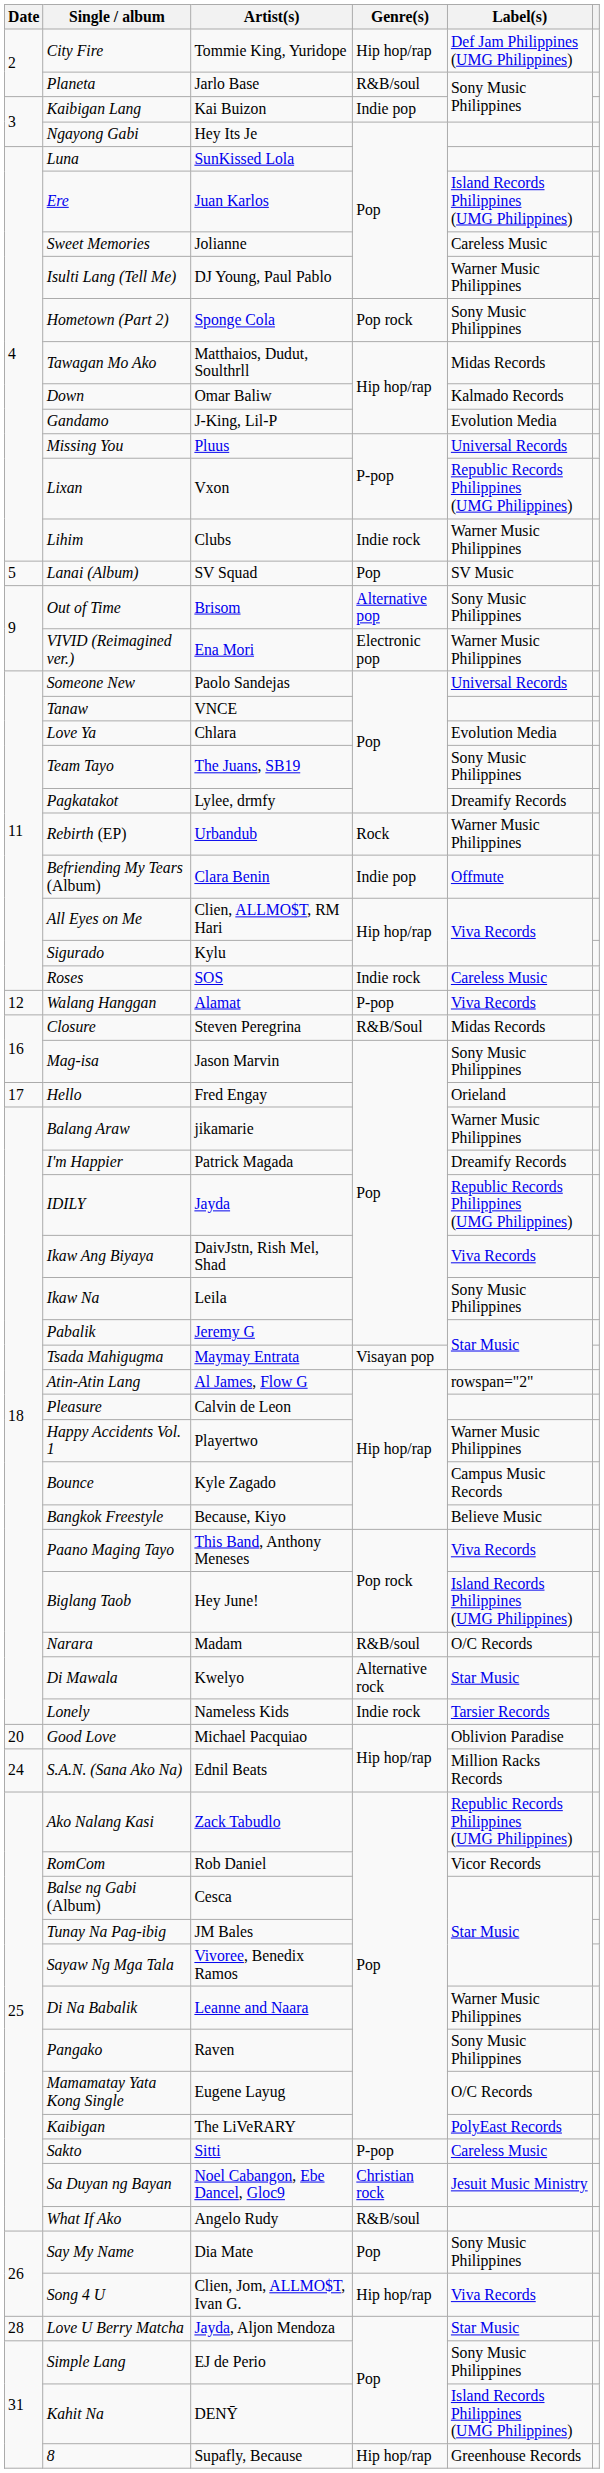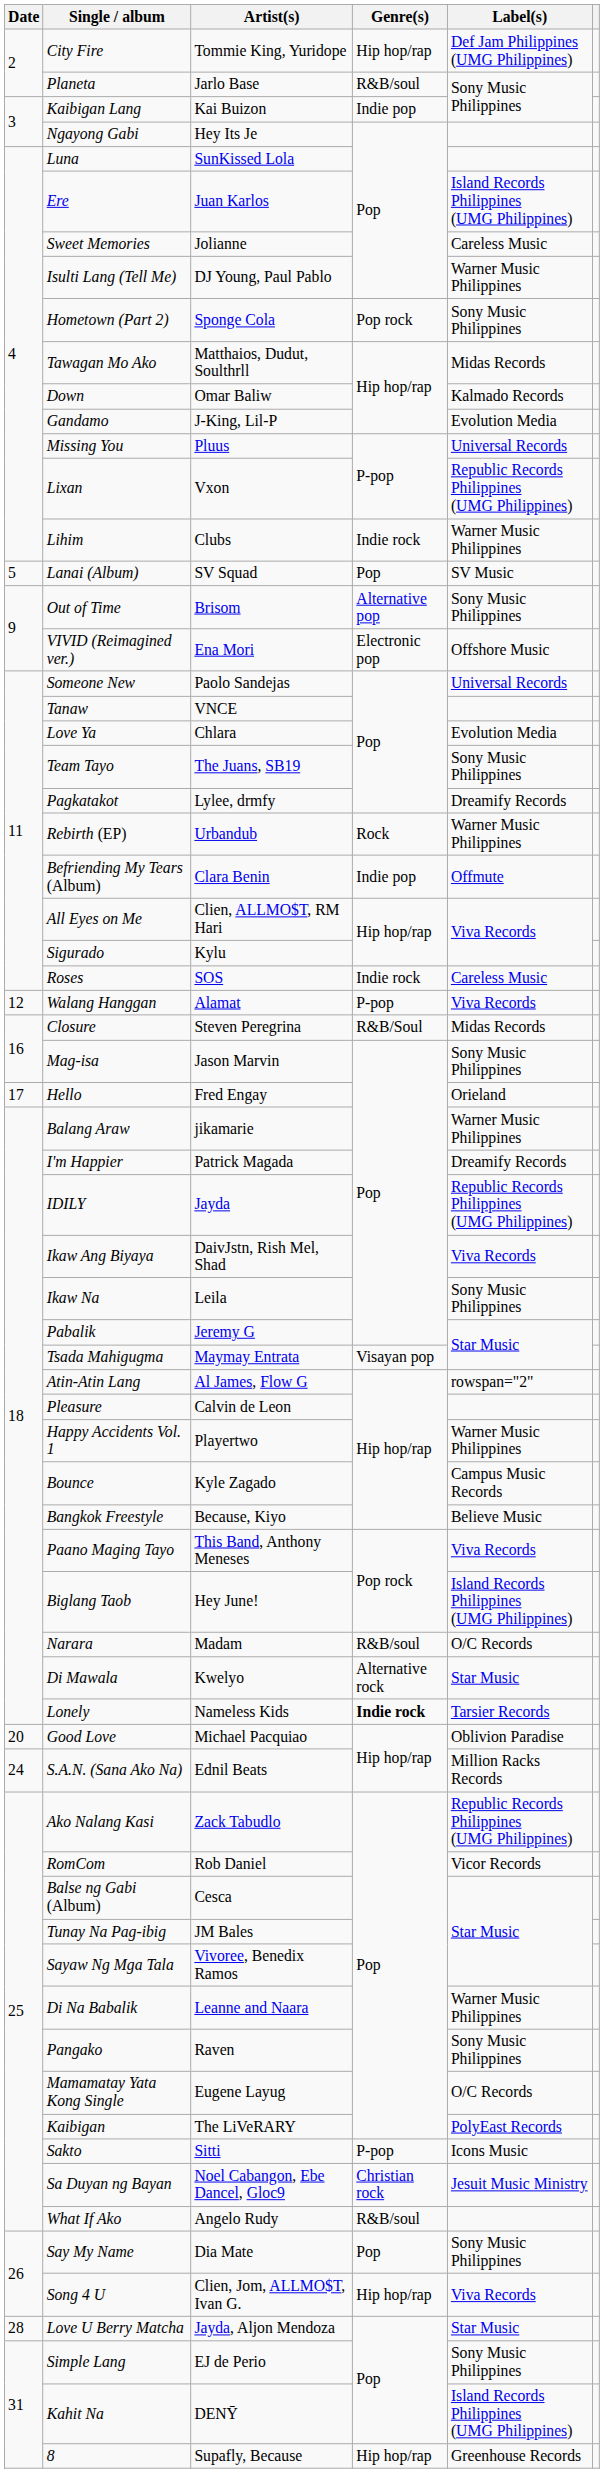 <table class="wikitable">
 <tr>
 <th>Date</th>
 <th>Single / album</th>
 <th>Artist(s)</th>
 <th>Genre(s)</th>
 <th>Label(s)</th>
 <th></th>
 </tr>
 <tr>
 <td rowspan="2">2</td>
 <td><em>City Fire</em></td>
 <td>Tommie King, Yuridope</td>
 <td>Hip hop/rap</td>
 <td><a href='#'>Def Jam Philippines</a><br>(<a href='#'>UMG Philippines</a>)</td>
 <td></td>
 </tr>
 <tr>
 <td><em>Planeta</em></td>
 <td>Jarlo Base</td>
 <td>R&B/soul</td>
 <td rowspan="2">Sony Music Philippines</td>
 <td></td>
 </tr>
 <tr>
 <td rowspan="2">3</td>
 <td><em>Kaibigan Lang</em></td>
 <td>Kai Buizon</td>
 <td>Indie pop</td>
 <td></td>
 </tr>
 <tr>
 <td><em>Ngayong Gabi</em></td>
 <td>Hey Its Je</td>
 <td rowspan="5">Pop</td>
 <td></td>
 <td></td>
 </tr>
 <tr>
 <td rowspan="11">4</td>
 <td><em>Luna</em></td>
 <td><a href='#'>SunKissed Lola</a></td>
 <td></td>
 <td></td>
 </tr>
 <tr>
 <td><em><a href='#'>Ere</a></em></td>
 <td><a href='#'>Juan Karlos</a></td>
 <td><a href='#'>Island Records Philippines</a><br>(<a href='#'>UMG Philippines</a>)</td>
 <td></td>
 </tr>
 <tr>
 <td><em>Sweet Memories</em></td>
 <td>Jolianne</td>
 <td>Careless Music</td>
 <td></td>
 </tr>
 <tr>
 <td><em>Isulti Lang (Tell Me)</em></td>
 <td>DJ Young, Paul Pablo</td>
 <td>Warner Music Philippines</td>
 <td></td>
 </tr>
 <tr>
 <td><em>Hometown (Part 2)</em></td>
 <td><a href='#'>Sponge Cola</a></td>
 <td>Pop rock</td>
 <td>Sony Music Philippines</td>
 <td></td>
 </tr>
 <tr>
 <td><em>Tawagan Mo Ako</em></td>
 <td>Matthaios, Dudut, Soulthrll</td>
 <td rowspan="3">Hip hop/rap</td>
 <td>Midas Records</td>
 <td></td>
 </tr>
 <tr>
 <td><em>Down</em></td>
 <td>Omar Baliw</td>
 <td>Kalmado Records</td>
 <td></td>
 </tr>
 <tr>
 <td><em>Gandamo</em></td>
 <td>J-King, Lil-P</td>
 <td>Evolution Media</td>
 <td></td>
 </tr>
 <tr>
 <td><em>Missing You</em></td>
 <td><a href='#'>Pluus</a></td>
 <td rowspan="2">P-pop</td>
 <td><a href='#'>Universal Records</a></td>
 </tr>
 <tr>
 <td><em>Lixan</em></td>
 <td>Vxon</td>
 <td><a href='#'>Republic Records Philippines</a><br>(<a href='#'>UMG Philippines</a>)</td>
 <td></td>
 </tr>
 <tr>
 <td><em>Lihim</em></td>
 <td>Clubs</td>
 <td>Indie rock</td>
 <td>Warner Music Philippines</td>
 <td></td>
 </tr>
 <tr>
 <td>5</td>
 <td><em>Lanai (Album)</em></td>
 <td>SV Squad</td>
 <td>Pop</td>
 <td>SV Music</td>
 <td></td>
 </tr>
 <tr>
 <td rowspan="2">9</td>
 <td><em>Out of Time</em></td>
 <td><a href='#'>Brisom</a></td>
 <td><a href='#'>Alternative pop</a></td>
 <td>Sony Music Philippines</td>
 <td></td>
 </tr>
 <tr>
 <td><em>VIVID (Reimagined ver.)</em></td>
 <td><a href='#'>Ena Mori</a></td>
 <td>Electronic pop</td>
-<td>Warner Music Philippines</td>
+<td>Offshore Music</td>
 <td></td>
 </tr>
 <tr>
 <td rowspan="10">11</td>
 <td><em>Someone New</em></td>
 <td>Paolo Sandejas</td>
 <td rowspan="5">Pop</td>
 <td><a href='#'>Universal Records</a></td>
 <td></td>
 </tr>
 <tr>
 <td><em>Tanaw</em></td>
 <td>VNCE</td>
 <td></td>
 <td></td>
 </tr>
 <tr>
 <td><em>Love Ya</em></td>
 <td>Chlara</td>
 <td>Evolution Media</td>
 <td></td>
 </tr>
 <tr>
 <td><em>Team Tayo</em></td>
 <td><a href='#'>The Juans</a>, <a href='#'>SB19</a></td>
 <td>Sony Music Philippines</td>
 <td></td>
 </tr>
 <tr>
 <td><em>Pagkatakot</em></td>
 <td>Lylee, drmfy</td>
 <td>Dreamify Records</td>
 <td></td>
 </tr>
 <tr>
 <td><em>Rebirth</em> (EP)</td>
 <td><a href='#'>Urbandub</a></td>
 <td>Rock</td>
 <td>Warner Music Philippines</td>
 </tr>
 <tr>
 <td><em>Befriending My Tears</em> (Album)</td>
 <td><a href='#'>Clara Benin</a></td>
 <td>Indie pop</td>
 <td><a href='#'>Offmute</a></td>
 <td></td>
 </tr>
 <tr>
 <td><em>All Eyes on Me</em></td>
 <td>Clien, <a href='#'>ALLMO$T</a>, RM Hari</td>
 <td rowspan="2">Hip hop/rap</td>
 <td rowspan="2"><a href='#'>Viva Records</a></td>
 <td></td>
 </tr>
 <tr>
 <td><em>Sigurado</em></td>
 <td>Kylu</td>
 <td></td>
 </tr>
 <tr>
 <td><em>Roses</em></td>
 <td><a href='#'>SOS</a></td>
 <td>Indie rock</td>
 <td><a href='#'>Careless Music</a></td>
 <td></td>
 </tr>
 <tr>
 <td>12</td>
 <td><em>Walang Hanggan</em></td>
 <td><a href='#'>Alamat</a></td>
 <td>P-pop</td>
 <td><a href='#'>Viva Records</a></td>
 <td></td>
 </tr>
 <tr>
 <td rowspan="2">16</td>
 <td><em>Closure</em></td>
 <td>Steven Peregrina</td>
 <td>R&B/Soul</td>
 <td>Midas Records</td>
 <td></td>
 </tr>
 <tr>
 <td><em>Mag-isa</em></td>
 <td>Jason Marvin</td>
 <td rowspan="8">Pop</td>
 <td>Sony Music Philippines</td>
 <td></td>
 </tr>
 <tr>
 <td>17</td>
 <td><em>Hello</em></td>
 <td>Fred Engay</td>
 <td>Orieland</td>
 <td></td>
 </tr>
 <tr>
 <td rowspan="17">18</td>
 <td><em>Balang Araw</em></td>
 <td>jikamarie</td>
 <td>Warner Music Philippines</td>
 <td></td>
 </tr>
 <tr>
 <td><em>I'm Happier</em></td>
 <td>Patrick Magada</td>
 <td>Dreamify Records</td>
 </tr>
 <tr>
 <td><em>IDILY</em></td>
 <td><a href='#'>Jayda</a></td>
 <td><a href='#'>Republic Records Philippines</a><br>(<a href='#'>UMG Philippines</a>)</td>
 <td></td>
 </tr>
 <tr>
 <td><em>Ikaw Ang Biyaya</em></td>
 <td>DaivJstn, Rish Mel, Shad</td>
 <td><a href='#'>Viva Records</a></td>
 <td></td>
 </tr>
 <tr>
 <td><em>Ikaw Na</em></td>
 <td>Leila</td>
 <td>Sony Music Philippines</td>
 <td></td>
 </tr>
 <tr>
 <td><em>Pabalik</em></td>
 <td><a href='#'>Jeremy G</a></td>
 <td rowspan="2"><a href='#'>Star Music</a></td>
 <td></td>
 </tr>
 <tr>
 <td><em>Tsada Mahigugma</em></td>
 <td><a href='#'>Maymay Entrata</a></td>
 <td>Visayan pop</td>
 <td></td>
 </tr>
 <tr>
 <td><em>Atin-Atin Lang</em></td>
 <td><a href='#'>Al James</a>, <a href='#'>Flow G</a></td>
 <td rowspan="5">Hip hop/rap</td>
 <td>rowspan="2"  </td>
 <td></td>
 </tr>
 <tr>
 <td><em>Pleasure</em></td>
 <td>Calvin de Leon</td>
 <td></td>
 </tr>
 <tr>
 <td><em>Happy Accidents Vol. 1</em></td>
 <td>Playertwo</td>
 <td>Warner Music Philippines</td>
 <td></td>
 </tr>
 <tr>
 <td><em>Bounce</em></td>
 <td>Kyle Zagado</td>
 <td>Campus Music Records</td>
 <td></td>
 </tr>
 <tr>
 <td><em>Bangkok Freestyle</em></td>
 <td>Because, Kiyo</td>
 <td>Believe Music</td>
 <td></td>
 </tr>
 <tr>
 <td><em>Paano Maging Tayo</em></td>
 <td><a href='#'>This Band</a>, Anthony Meneses</td>
 <td rowspan="2">Pop rock</td>
 <td><a href='#'>Viva Records</a></td>
 <td></td>
 </tr>
 <tr>
 <td><em>Biglang Taob</em></td>
 <td>Hey June!</td>
 <td><a href='#'>Island Records Philippines</a><br>(<a href='#'>UMG Philippines</a>)</td>
 <td></td>
 </tr>
 <tr>
 <td><em>Narara</em></td>
 <td>Madam</td>
 <td>R&B/soul</td>
 <td>O/C Records</td>
 <td></td>
 </tr>
 <tr>
 <td><em>Di Mawala</em></td>
 <td>Kwelyo</td>
 <td>Alternative rock</td>
 <td><a href='#'>Star Music</a></td>
 <td></td>
 </tr>
 <tr>
 <td><em>Lonely</em></td>
 <td>Nameless Kids</td>
-<td>Indie rock</td>
+<td><strong>Indie rock</strong></td>
 <td><a href='#'>Tarsier Records</a></td>
 <td></td>
 </tr>
 <tr>
 <td>20</td>
 <td><em>Good Love</em></td>
 <td>Michael Pacquiao</td>
 <td rowspan="2">Hip hop/rap</td>
 <td>Oblivion Paradise</td>
 <td></td>
 </tr>
 <tr>
 <td>24</td>
 <td><em>S.A.N. (Sana Ako Na)</em></td>
 <td>Ednil Beats</td>
 <td>Million Racks Records</td>
 <td></td>
 </tr>
 <tr>
 <td rowspan="12">25</td>
 <td><em>Ako Nalang Kasi</em></td>
 <td><a href='#'>Zack Tabudlo</a></td>
 <td rowspan="9">Pop</td>
 <td><a href='#'>Republic Records Philippines</a><br>(<a href='#'>UMG Philippines</a>)</td>
 <td></td>
 </tr>
 <tr>
 <td><em>RomCom</em></td>
 <td>Rob Daniel</td>
 <td>Vicor Records</td>
 <td></td>
 </tr>
 <tr>
 <td><em>Balse ng Gabi</em> (Album)</td>
 <td>Cesca</td>
 <td rowspan="3"><a href='#'>Star Music</a></td>
 <td></td>
 </tr>
 <tr>
 <td><em>Tunay Na Pag-ibig</em></td>
 <td>JM Bales</td>
 <td></td>
 </tr>
 <tr>
 <td><em>Sayaw Ng Mga Tala</em></td>
 <td><a href='#'>Vivoree</a>, Benedix Ramos</td>
 <td></td>
 </tr>
 <tr>
 <td><em>Di Na Babalik</em></td>
 <td><a href='#'>Leanne and Naara</a></td>
 <td>Warner Music Philippines</td>
 <td></td>
 </tr>
 <tr>
 <td><em>Pangako</em></td>
 <td>Raven</td>
 <td>Sony Music Philippines</td>
 </tr>
 <tr>
 <td><em>Mamamatay Yata Kong Single</em></td>
 <td>Eugene Layug</td>
 <td>O/C Records</td>
 <td></td>
 </tr>
 <tr>
 <td><em>Kaibigan</em></td>
 <td>The LiVeRARY</td>
 <td><a href='#'>PolyEast Records</a></td>
 <td></td>
 </tr>
 <tr>
 <td><em>Sakto</em></td>
 <td><a href='#'>Sitti</a></td>
 <td>P-pop</td>
-<td><a href='#'>Careless Music</a></td>
+<td>Icons Music</td>
 <td></td>
 </tr>
 <tr>
 <td><em>Sa Duyan ng Bayan</em></td>
 <td><a href='#'>Noel Cabangon</a>, <a href='#'>Ebe Dancel</a>, <a href='#'>Gloc9</a></td>
 <td><a href='#'>Christian rock</a></td>
 <td><a href='#'>Jesuit Music Ministry</a></td>
 <td></td>
 </tr>
 <tr>
 <td><em>What If Ako</em></td>
 <td>Angelo Rudy</td>
 <td>R&B/soul</td>
 <td></td>
 <td></td>
 </tr>
 <tr>
 <td rowspan="2">26</td>
 <td><em>Say My Name</em></td>
 <td>Dia Mate</td>
 <td>Pop</td>
 <td>Sony Music Philippines</td>
 </tr>
 <tr>
 <td><em>Song 4 U</em></td>
 <td>Clien, Jom, <a href='#'>ALLMO$T</a>, Ivan G.</td>
 <td>Hip hop/rap</td>
 <td><a href='#'>Viva Records</a></td>
 <td></td>
 </tr>
 <tr>
 <td>28</td>
 <td><em>Love U Berry Matcha</em></td>
 <td><a href='#'>Jayda</a>, Aljon Mendoza</td>
 <td rowspan="3">Pop</td>
 <td><a href='#'>Star Music</a></td>
 <td></td>
 </tr>
 <tr>
 <td rowspan="3">31</td>
 <td><em>Simple Lang</em></td>
 <td>EJ de Perio</td>
 <td>Sony Music Philippines</td>
 <td></td>
 </tr>
 <tr>
 <td><em>Kahit Na</em></td>
 <td>DENȲ</td>
 <td><a href='#'>Island Records Philippines</a><br>(<a href='#'>UMG Philippines</a>)</td>
 <td></td>
 </tr>
 <tr>
 <td><em>8</em></td>
 <td>Supafly, Because</td>
 <td>Hip hop/rap</td>
 <td>Greenhouse Records</td>
 <td></td>
 </tr>
 </table>
